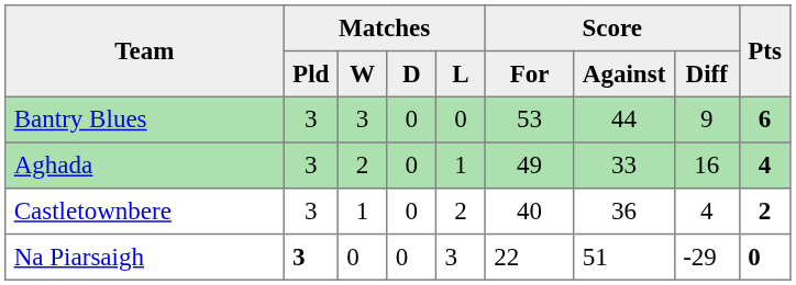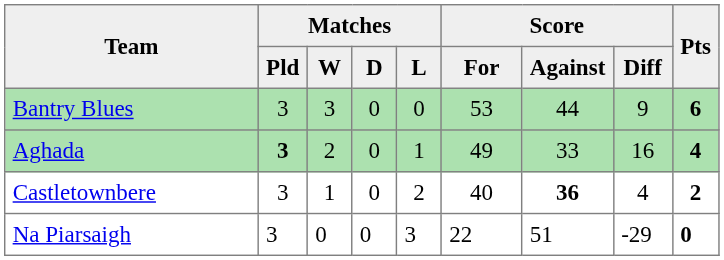 <table style=border-collapse:collapse border=1 cellspacing=0 cellpadding=5>
 <tr align=center bgcolor=#efefef>
 <th rowspan=2 width=165>Team</th>
 <th colspan=4>Matches</th>
 <th colspan=3>Score</th>
 <th rowspan=2width=20>Pts</th>
 </tr>
 <tr align=center bgcolor=#efefef>
 <th width=20>Pld</th>
 <th width=20>W</th>
 <th width=20>D</th>
 <th width=20>L</th>
 <th width=45>For</th>
 <th width=45>Against</th>
 <th width=30>Diff</th>
 </tr>
 <tr align=center style="background:#ACE1AF;">
 <td style="text-align:left;"><a href='#'>Bantry Blues</a></td>
 <td>3</td>
 <td>3</td>
 <td>0</td>
 <td>0</td>
 <td>53</td>
 <td>44</td>
 <td>9</td>
 <td><strong>6</strong></td>
 </tr>
 <tr align=center style="background:#ACE1AF;">
 <td style="text-align:left;"><a href='#'>Aghada</a></td>
-<td>3</td>
+<td><strong>3</strong></td>
 <td>2</td>
 <td>0</td>
 <td>1</td>
 <td>49</td>
 <td>33</td>
 <td>16</td>
 <td><strong>4</strong></td>
 </tr>
 <tr align=center>
 <td style="text-align:left;"><a href='#'>Castletownbere</a></td>
 <td>3</td>
 <td>1</td>
 <td>0</td>
 <td>2</td>
 <td>40</td>
-<td>36</td>
+<td><strong>36</strong></td>
 <td>4</td>
 <td><strong>2</strong></td>
 </tr>
 <tr>
 <td style="text-align:left;"><a href='#'>Na Piarsaigh</a></td>
-<td><strong>3</strong></td>
+<td>3</td>
 <td>0</td>
 <td>0</td>
 <td>3</td>
 <td>22</td>
 <td>51</td>
 <td>-29</td>
 <td><strong>0</strong></td>
 </tr>
 </table>
